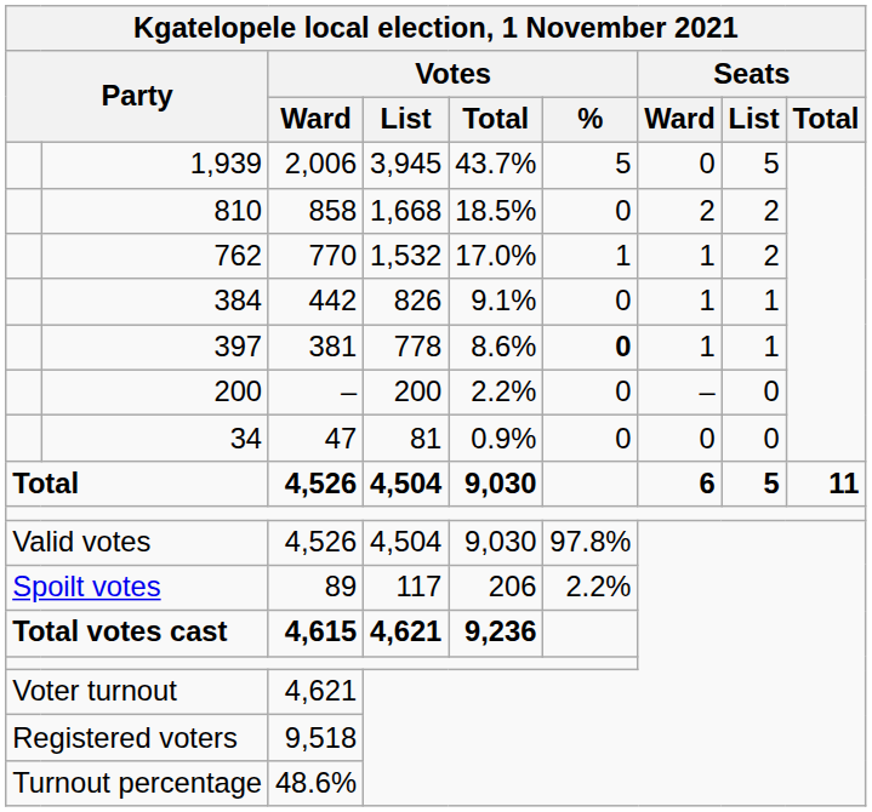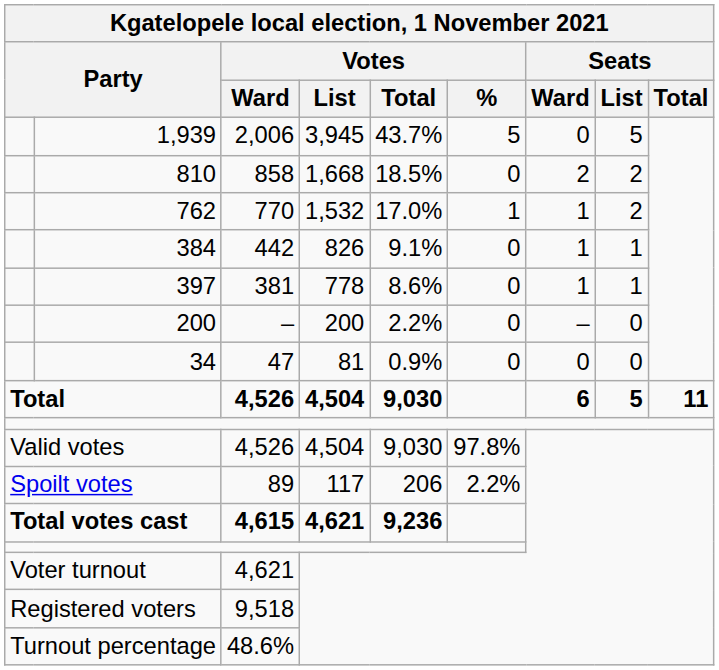 <table class=wikitable style="text-align:right">
 <tr>
 <th colspan="9" align="center">Kgatelopele local election, 1 November 2021</th>
 </tr>
 <tr>
 <th rowspan="2" colspan="2">Party</th>
 <th colspan="4" align="center">Votes</th>
 <th colspan="3" align="center">Seats</th>
 </tr>
 <tr>
 <th>Ward</th>
 <th>List</th>
 <th>Total</th>
 <th>%</th>
 <th>Ward</th>
 <th>List</th>
 <th>Total</th>
 </tr>
 <tr>
 <td></td>
 <td>1,939</td>
 <td>2,006</td>
 <td>3,945</td>
 <td>43.7%</td>
 <td>5</td>
 <td>0</td>
 <td>5</td>
 </tr>
 <tr>
 <td></td>
 <td>810</td>
 <td>858</td>
 <td>1,668</td>
 <td>18.5%</td>
 <td>0</td>
 <td>2</td>
 <td>2</td>
 </tr>
 <tr>
 <td></td>
 <td>762</td>
 <td>770</td>
 <td>1,532</td>
 <td>17.0%</td>
 <td>1</td>
 <td>1</td>
 <td>2</td>
 </tr>
 <tr>
 <td></td>
 <td>384</td>
 <td>442</td>
 <td>826</td>
 <td>9.1%</td>
 <td>0</td>
 <td>1</td>
 <td>1</td>
 </tr>
 <tr>
 <td></td>
 <td>397</td>
 <td>381</td>
 <td>778</td>
 <td>8.6%</td>
-<td><strong>0</strong></td>
+<td>0</td>
 <td>1</td>
 <td>1</td>
 </tr>
 <tr>
 <td></td>
 <td>200</td>
 <td>–</td>
 <td>200</td>
 <td>2.2%</td>
 <td>0</td>
 <td>–</td>
 <td>0</td>
 </tr>
 <tr>
 <td></td>
 <td>34</td>
 <td>47</td>
 <td>81</td>
 <td>0.9%</td>
 <td>0</td>
 <td>0</td>
 <td>0</td>
 </tr>
 <tr>
 <td colspan="2" style="text-align:left"><strong>Total</strong></td>
 <td><strong>4,526</strong></td>
 <td><strong>4,504</strong></td>
 <td><strong>9,030</strong></td>
 <td></td>
 <td><strong>6</strong></td>
 <td><strong>5</strong></td>
 <td><strong>11</strong></td>
 </tr>
 <tr>
 <td colspan="9"></td>
 </tr>
 <tr>
 <td colspan="2" style="text-align:left">Valid votes</td>
 <td>4,526</td>
 <td>4,504</td>
 <td>9,030</td>
 <td>97.8%</td>
 </tr>
 <tr>
 <td colspan="2" style="text-align:left"><a href='#'>Spoilt votes</a></td>
 <td>89</td>
 <td>117</td>
 <td>206</td>
 <td>2.2%</td>
 </tr>
 <tr>
 <td colspan="2" style="text-align:left"><strong>Total votes cast</strong></td>
 <td><strong>4,615</strong></td>
 <td><strong>4,621</strong></td>
 <td><strong>9,236</strong></td>
 <td></td>
 </tr>
 <tr>
 <td colspan="6"></td>
 </tr>
 <tr>
 <td colspan="2" style="text-align:left">Voter turnout</td>
 <td>4,621</td>
 </tr>
 <tr>
 <td colspan="2" style="text-align:left">Registered voters</td>
 <td>9,518</td>
 </tr>
 <tr>
 <td colspan="2" style="text-align:left">Turnout percentage</td>
 <td>48.6%</td>
 </tr>
 </table>
